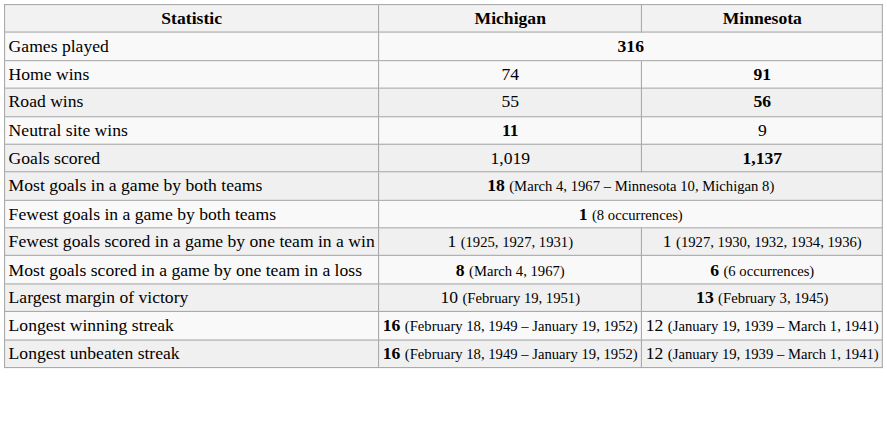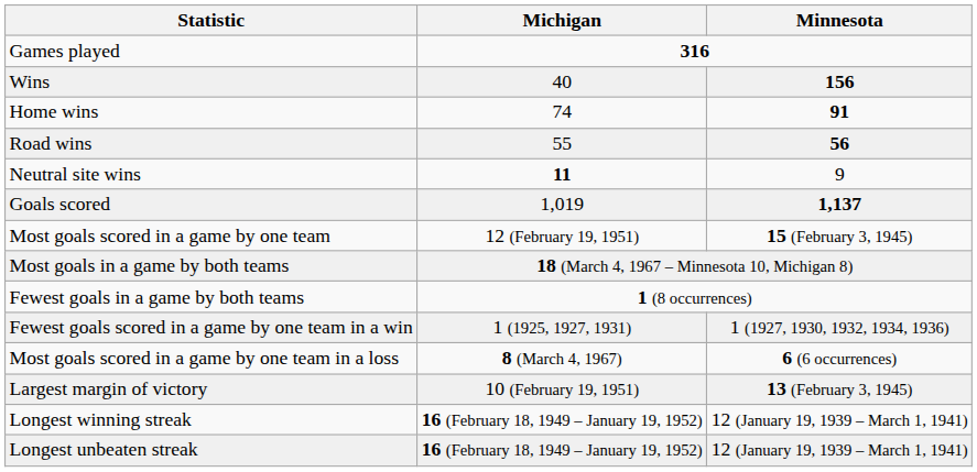 <table class="wikitable">
 <tr>
 <th>Statistic</th>
 <th>Michigan</th>
 <th>Minnesota</th>
 </tr>
 <tr>
 <td>Games played</td>
 <td align=center colspan=2><strong>316</strong></td>
+</tr>
+<tr bgcolor=f0f0f0>
+<td>Wins</td>
+<td align=center>40</td>
+<td align=center><strong>156</strong></td>
 </tr>
 <tr>
 <td>Home wins</td>
 <td align=center>74</td>
 <td align=center><strong>91</strong></td>
 </tr>
 <tr bgcolor=f0f0f0>
 <td>Road wins</td>
 <td align=center>55</td>
 <td align=center><strong>56</strong></td>
 </tr>
 <tr>
 <td>Neutral site wins</td>
 <td align=center><strong>11</strong></td>
 <td align=center>9</td>
 </tr>
 <tr bgcolor=f0f0f0>
 <td>Goals scored</td>
 <td align=center>1,019</td>
 <td align=center><strong>1,137</strong></td>
+</tr>
+<tr>
+<td>Most goals scored in a game by one team</td>
+<td align=center>12 <small>(February 19, 1951)</small></td>
+<td align=center><strong>15</strong> <small>(February 3, 1945)</small></td>
 </tr>
 <tr bgcolor=f0f0f0>
 <td>Most goals in a game by both teams</td>
 <td align=center colspan=2><strong>18</strong> <small>(March 4, 1967 – Minnesota 10, Michigan 8)</small></td>
 </tr>
 <tr>
 <td>Fewest goals in a game by both teams</td>
 <td align=center colspan=2><strong>1</strong> <small>(8 occurrences)</small></td>
 </tr>
 <tr bgcolor=f0f0f0>
 <td>Fewest goals scored in a game by one team in a win</td>
 <td align=center>1 <small>(1925, 1927, 1931)</small></td>
 <td align=center>1 <small>(1927, 1930, 1932, 1934, 1936)</small></td>
 </tr>
 <tr>
 <td>Most goals scored in a game by one team in a loss</td>
 <td align=center><strong>8</strong> <small>(March 4, 1967)</small></td>
 <td align=center><strong>6</strong> <small>(6 occurrences)</small></td>
 </tr>
 <tr bgcolor=f0f0f0>
 <td>Largest margin of victory</td>
 <td align=center>10 <small>(February 19, 1951)</small></td>
 <td align=center><strong>13</strong> <small>(February 3, 1945)</small></td>
 </tr>
 <tr>
 <td>Longest winning streak</td>
 <td align=center><strong>16</strong> <small>(February 18, 1949 – January 19, 1952)</small></td>
 <td align=center>12 <small>(January 19, 1939 – March 1, 1941)</small></td>
 </tr>
 <tr bgcolor=f0f0f0>
 <td>Longest unbeaten streak</td>
 <td align=center><strong>16</strong> <small>(February 18, 1949 – January 19, 1952)</small></td>
 <td align=center>12 <small>(January 19, 1939 – March 1, 1941)</small></td>
 </tr>
 </table>
